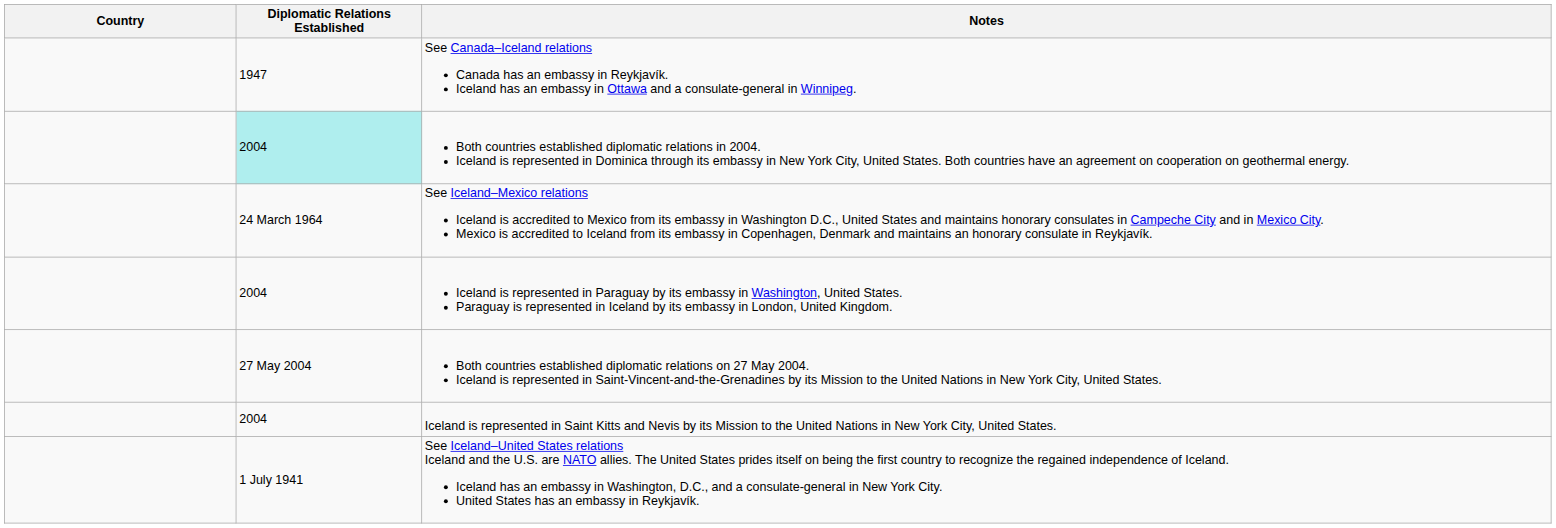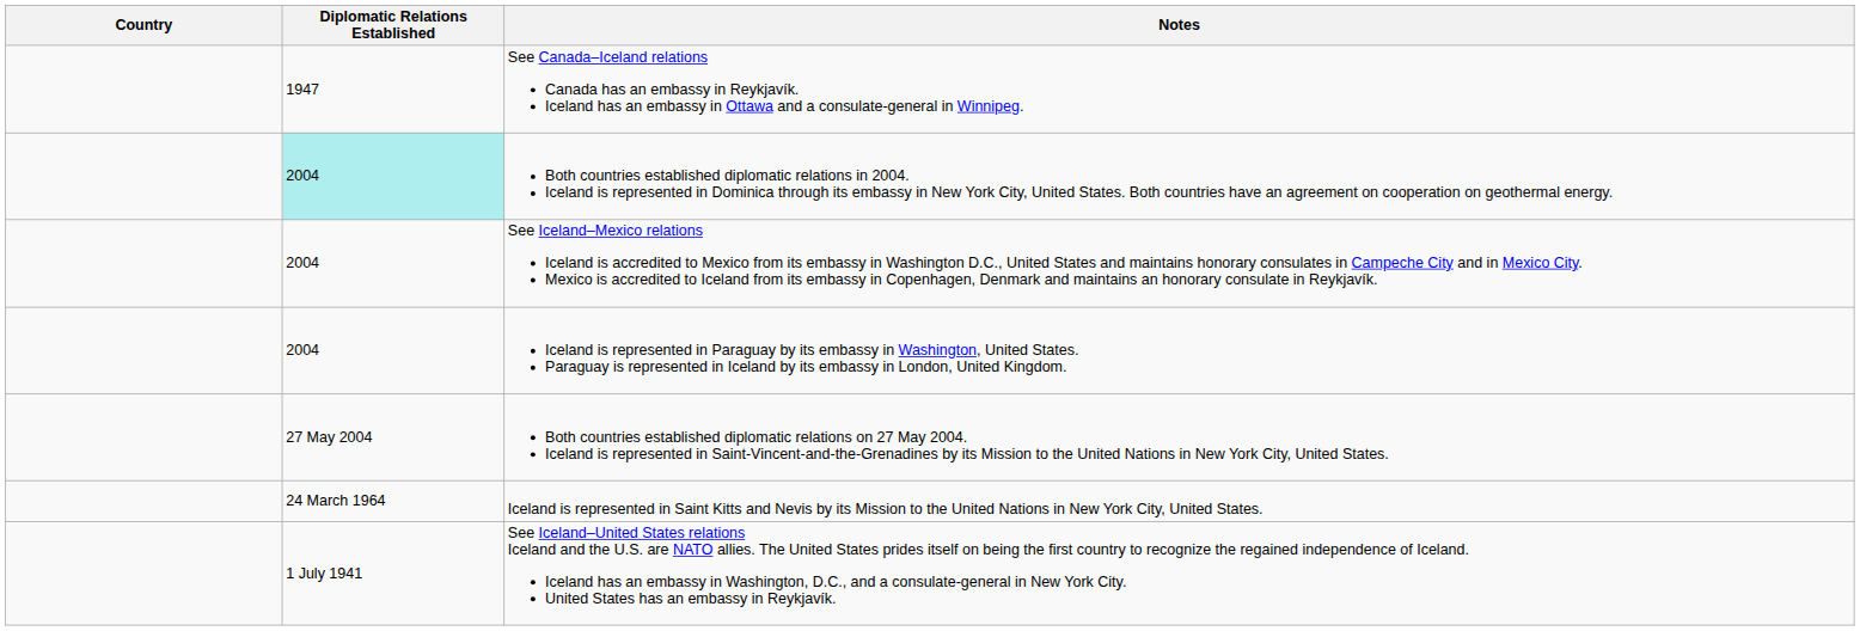 <table class="wikitable sortable" style="width:100%; margin:auto;">
 <tr>
 <th style="width:15%;">Country</th>
 <th style="width:12%;">Diplomatic Relations Established</th>
 <th>Notes</th>
 </tr>
 <tr -valign="top">
 <td></td>
 <td>1947</td>
 <td>See <a href='#'>Canada–Iceland relations</a><br><ul><li>Canada has an embassy in Reykjavík.</li><li>Iceland has an embassy in <a href='#'>Ottawa</a> and a consulate-general in <a href='#'>Winnipeg</a>.</li></ul></td>
 </tr>
 <tr -valign="top">
 <td></td>
 <td style="background: paleturquoise;">2004</td>
 <td><br><ul><li>Both countries established diplomatic relations in 2004.</li><li>Iceland is represented in Dominica through its embassy in New York City, United States. Both countries have an agreement on cooperation on geothermal energy.</li></ul></td>
 </tr>
 <tr -valign="top">
 <td></td>
-<td>24 March 1964</td>
+<td>2004</td>
 <td>See <a href='#'>Iceland–Mexico relations</a><br><ul><li>Iceland is accredited to Mexico from its embassy in Washington D.C., United States and maintains honorary consulates in <a href='#'>Campeche City</a> and in <a href='#'>Mexico City</a>.</li><li>Mexico is accredited to Iceland from its embassy in Copenhagen, Denmark and maintains an honorary consulate in Reykjavík.</li></ul></td>
 </tr>
 <tr -valign="top">
 <td></td>
 <td>2004</td>
 <td><br><ul><li>Iceland is represented in Paraguay by its embassy in <a href='#'>Washington</a>, United States.</li><li>Paraguay is represented in Iceland by its embassy in London, United Kingdom.</li></ul></td>
 </tr>
 <tr -valign="top">
 <td></td>
 <td>27 May 2004</td>
 <td><br><ul><li>Both countries established diplomatic relations on 27 May 2004.</li><li>Iceland is represented in Saint-Vincent-and-the-Grenadines by its Mission to the United Nations in New York City, United States.</li></ul></td>
 </tr>
 <tr -valign="top">
 <td></td>
-<td>2004</td>
+<td>24 March 1964</td>
 <td><br>Iceland is represented in Saint Kitts and Nevis by its Mission to the United Nations in New York City, United States.</td>
 </tr>
 <tr -valign="top">
 <td></td>
 <td>1 July 1941</td>
 <td>See <a href='#'>Iceland–United States relations</a><br>Iceland and the U.S. are <a href='#'>NATO</a> allies. The United States prides itself on being the first country to recognize the regained independence of Iceland.<ul><li>Iceland has an embassy in Washington, D.C., and a consulate-general in New York City.</li><li>United States has an embassy in Reykjavík.</li></ul></td>
 </tr>
 </table>
